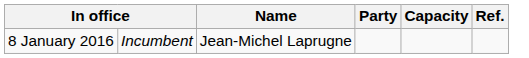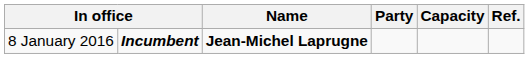 <table class="wikitable">
 <tr>
 <th colspan="2">In office</th>
 <th>Name</th>
 <th>Party</th>
 <th>Capacity</th>
 <th>Ref.</th>
 </tr>
 <tr>
 <td>8 January 2016</td>
-<td><em>Incumbent</em></td>
-<td>Jean-Michel Laprugne</td>
+<td><strong><em>Incumbent</em></strong></td>
+<td><strong>Jean-Michel Laprugne</strong></td>
 <td></td>
 <td></td>
 <td></td>
 </tr>
 </table>
